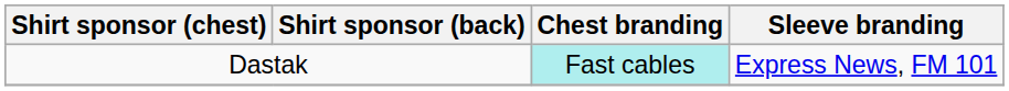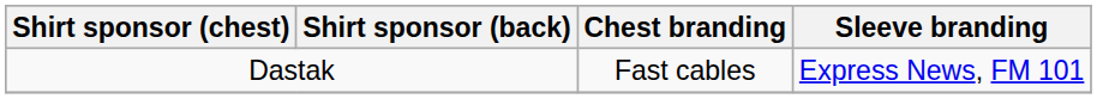 <table class="wikitable"  style="font-size:85%; text-align: center">
 <tr>
 <th>Shirt sponsor (chest)</th>
 <th>Shirt sponsor (back)</th>
 <th>Chest branding</th>
 <th>Sleeve branding</th>
 </tr>
 <tr>
 <td colspan="2">Dastak</td>
-<td style="background: paleturquoise;">Fast cables</td>
+<td>Fast cables</td>
 <td><a href='#'>Express News</a>, <a href='#'>FM 101</a></td>
 </tr>
 <tr>
 </tr>
 </table>
